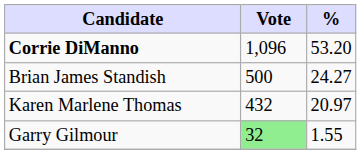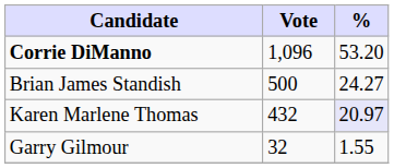 <table class="wikitable">
 <tr>
 <th style="background:#ddf; width:200px;">Candidate</th>
 <th style="background:#ddf; width:50px;">Vote</th>
 <th style="background:#ddf; width:30px;">%</th>
 </tr>
 <tr>
 <td><strong>Corrie DiManno</strong></td>
 <td>1,096</td>
 <td>53.20</td>
 </tr>
 <tr>
 <td>Brian James Standish</td>
 <td>500</td>
 <td>24.27</td>
 </tr>
 <tr>
 <td>Karen Marlene Thomas</td>
 <td>432</td>
-<td>20.97</td>
+<td style="background: lavender;">20.97</td>
 </tr>
 <tr>
 <td>Garry Gilmour</td>
-<td style="background: lightgreen;">32</td>
+<td>32</td>
 <td>1.55</td>
 </tr>
 <tr>
 </tr>
 </table>
